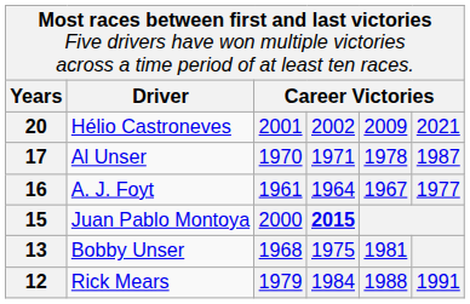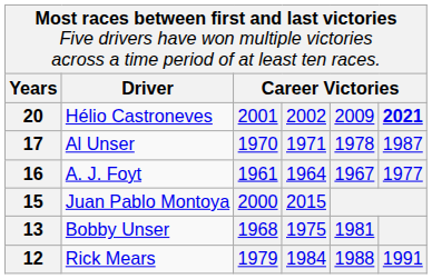 <table class="wikitable">
 <tr>
 <td style="background:#F2F2F2;" align="center" colspan="6"><strong>Most races between first and last victories</strong><br><em>Five drivers have won multiple victories<br>across a time period of at least ten races.</em></td>
 </tr>
 <tr>
 <td style="background:#F2F2F2;" align="center"><strong>Years</strong></td>
 <td style="background:#F2F2F2;" align="center"><strong>Driver</strong></td>
 <td style="background:#F2F2F2;" align="center" colspan="4"><strong>Career Victories</strong></td>
 </tr>
 <tr>
 <td style="background:#F2F2F2;" align="center"><strong>20</strong></td>
 <td> <a href='#'>Hélio Castroneves</a></td>
 <td style="background:#F2F2F2;" align="center"><a href='#'>2001</a></td>
 <td style="background:#F2F2F2;" align="center"><a href='#'>2002</a></td>
 <td style="background:#F2F2F2;" align="center"><a href='#'>2009</a></td>
-<td style="background:#F2F2F2;" align="center"><a href='#'>2021</a></td>
+<td style="background:#F2F2F2;" align="center"><strong><a href='#'>2021</a></strong></td>
 </tr>
 <tr>
 <td style="background:#F2F2F2;" align="center"><strong>17</strong></td>
 <td> <a href='#'>Al Unser</a></td>
 <td style="background:#F2F2F2;" align="center"><a href='#'>1970</a></td>
 <td style="background:#F2F2F2;" align="center"><a href='#'>1971</a></td>
 <td style="background:#F2F2F2;" align="center"><a href='#'>1978</a></td>
 <td style="background:#F2F2F2;" align="center"><a href='#'>1987</a></td>
 </tr>
 <tr>
 <td style="background:#F2F2F2;" align="center"><strong>16</strong></td>
 <td> <a href='#'>A. J. Foyt</a></td>
 <td style="background:#F2F2F2;" align="center"><a href='#'>1961</a></td>
 <td style="background:#F2F2F2;" align="center"><a href='#'>1964</a></td>
 <td style="background:#F2F2F2;" align="center"><a href='#'>1967</a></td>
 <td style="background:#F2F2F2;" align="center"><a href='#'>1977</a></td>
 </tr>
 <tr>
 <td style="background:#F2F2F2;" align="center"><strong>15</strong></td>
 <td> <a href='#'>Juan Pablo Montoya</a></td>
 <td style="background:#F2F2F2;" align="center"><a href='#'>2000</a></td>
-<td style="background:#F2F2F2;" align="center"><strong><a href='#'>2015</a></strong></td>
+<td style="background:#F2F2F2;" align="center"><a href='#'>2015</a></td>
 <td style="background:#F2F2F2;" align="center" colspan="2"> </td>
 </tr>
 <tr>
 <td style="background:#F2F2F2;" align="center"><strong>13</strong></td>
 <td> <a href='#'>Bobby Unser</a></td>
 <td style="background:#F2F2F2;" align="center"><a href='#'>1968</a></td>
 <td style="background:#F2F2F2;" align="center"><a href='#'>1975</a></td>
 <td style="background:#F2F2F2;" align="center"><a href='#'>1981</a></td>
 <td style="background:#F2F2F2;" align="center"> </td>
 </tr>
 <tr>
 <td style="background:#F2F2F2;" align="center"><strong>12</strong></td>
 <td> <a href='#'>Rick Mears</a></td>
 <td style="background:#F2F2F2;" align="center"><a href='#'>1979</a></td>
 <td style="background:#F2F2F2;" align="center"><a href='#'>1984</a></td>
 <td style="background:#F2F2F2;" align="center"><a href='#'>1988</a></td>
 <td style="background:#F2F2F2;" align="center"><a href='#'>1991</a></td>
 </tr>
 </table>
